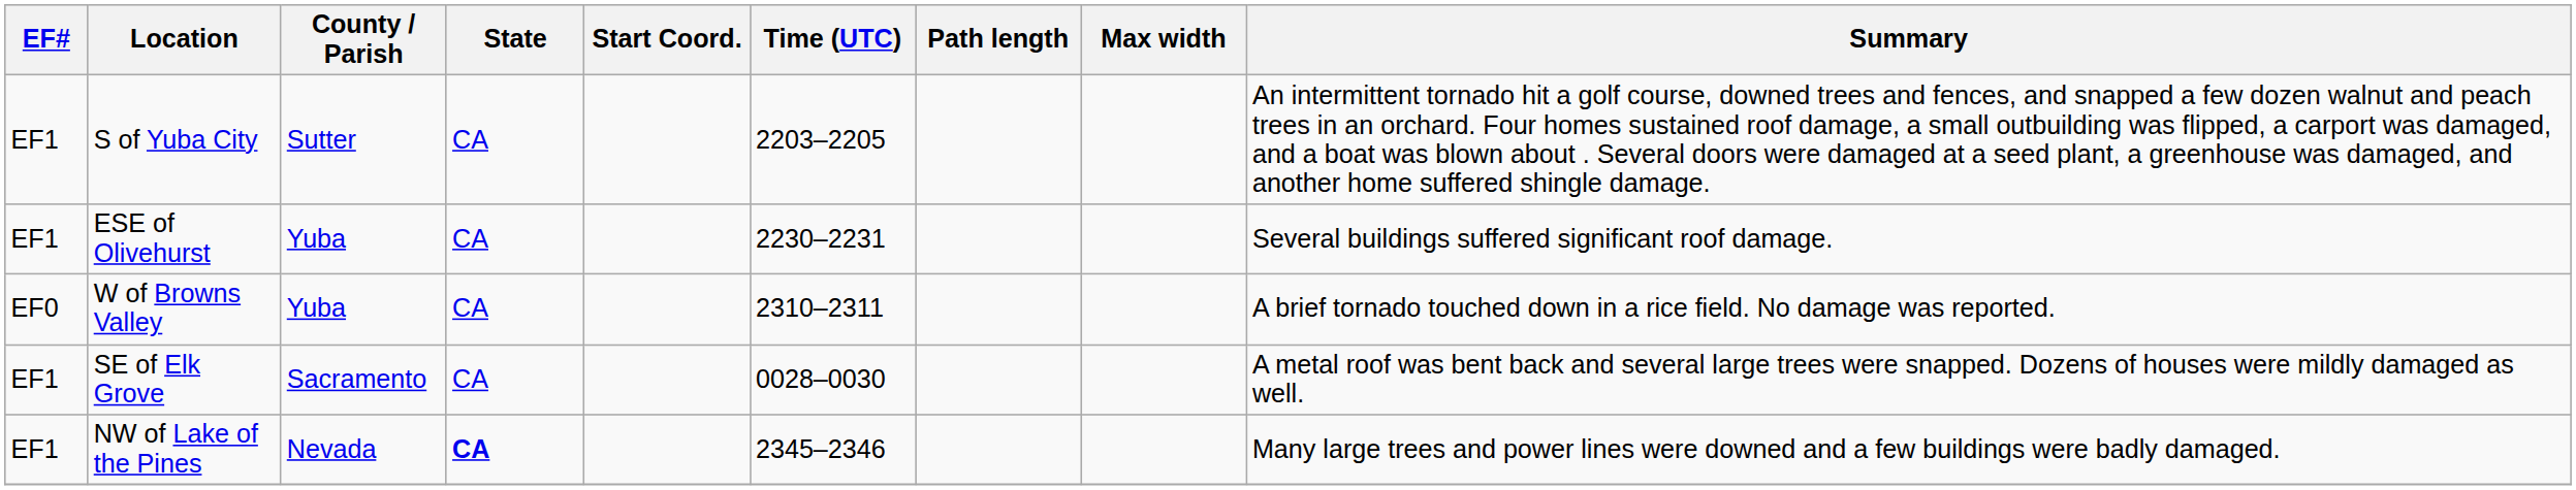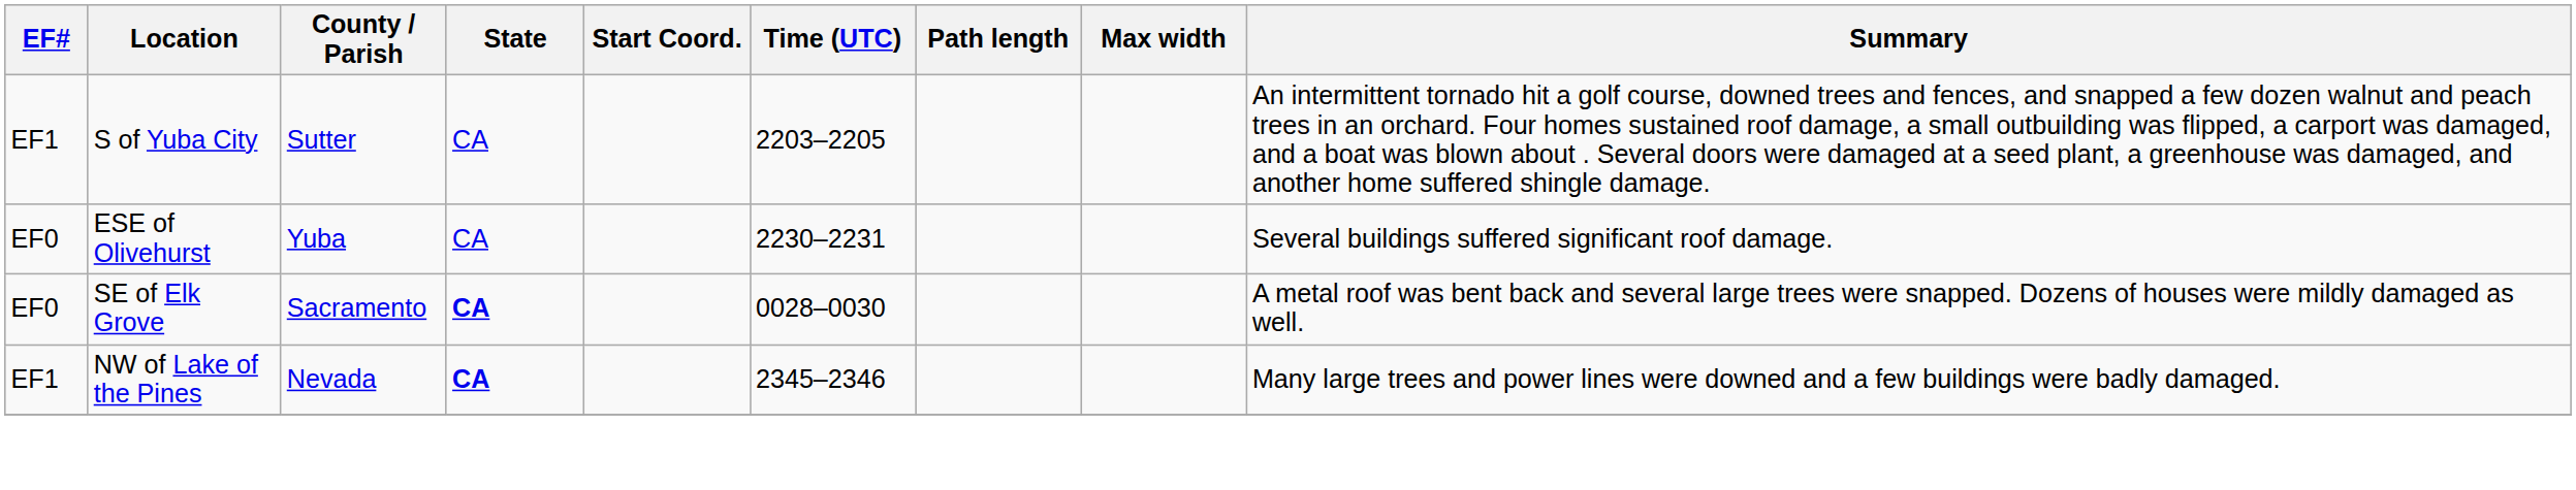 <table class="wikitable sortable" style="width:100%;">
 <tr>
 <th scope="col" width="3%" align="center"><a href='#'>EF#</a></th>
 <th scope="col" width="7%" align="center" class="unsortable">Location</th>
 <th scope="col" width="6%" align="center" class="unsortable">County / Parish</th>
 <th scope="col" width="5%" align="center">State</th>
 <th scope="col" width="6%" align="center">Start Coord.</th>
 <th scope="col" width="6%" align="center">Time (<a href='#'>UTC</a>)</th>
 <th scope="col" width="6%" align="center">Path length</th>
 <th scope="col" width="6%" align="center">Max width</th>
 <th scope="col" width="48%" class="unsortable" align="center">Summary</th>
 </tr>
 <tr>
 <td>EF1</td>
 <td>S of <a href='#'>Yuba City</a></td>
 <td><a href='#'>Sutter</a></td>
 <td><a href='#'>CA</a></td>
 <td></td>
 <td>2203–2205</td>
 <td></td>
 <td></td>
 <td>An intermittent tornado hit a golf course, downed trees and fences, and snapped a few dozen walnut and peach trees in an orchard. Four homes sustained roof damage, a small outbuilding was flipped, a carport was damaged, and a boat was blown about . Several doors were damaged at a seed plant, a greenhouse was damaged, and another home suffered shingle damage.</td>
 </tr>
 <tr>
-<td>EF1</td>
+<td>EF0</td>
 <td>ESE of <a href='#'>Olivehurst</a></td>
 <td><a href='#'>Yuba</a></td>
 <td><a href='#'>CA</a></td>
 <td></td>
 <td>2230–2231</td>
 <td></td>
 <td></td>
 <td>Several buildings suffered significant roof damage.</td>
 </tr>
 <tr>
 <td>EF0</td>
-<td>W of <a href='#'>Browns Valley</a></td>
-<td><a href='#'>Yuba</a></td>
-<td><a href='#'>CA</a></td>
-<td></td>
-<td>2310–2311</td>
-<td></td>
-<td></td>
-<td>A brief tornado touched down in a rice field. No damage was reported.</td>
-</tr>
-<tr>
-<td>EF1</td>
 <td>SE of <a href='#'>Elk Grove</a></td>
 <td><a href='#'>Sacramento</a></td>
-<td><a href='#'>CA</a></td>
+<td><strong><a href='#'>CA</a></strong></td>
 <td></td>
 <td>0028–0030</td>
 <td></td>
 <td></td>
 <td>A metal roof was bent back and several large trees were snapped. Dozens of houses were mildly damaged as well.</td>
 </tr>
 <tr>
 <td>EF1</td>
 <td>NW of <a href='#'>Lake of the Pines</a></td>
 <td><a href='#'>Nevada</a></td>
 <td><strong><a href='#'>CA</a></strong></td>
 <td></td>
 <td>2345–2346</td>
 <td></td>
 <td></td>
 <td>Many large trees and power lines were downed and a few buildings were badly damaged.</td>
 </tr>
 <tr>
 </tr>
 </table>
